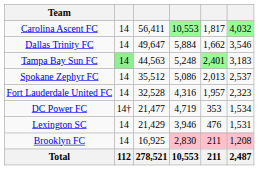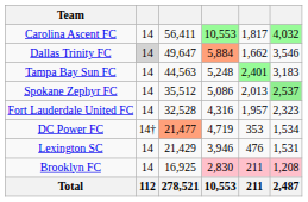 <table class="wikitable sortable" style="font-size: 95%;text-align: center;">
 <tr>
 <th scope="col">Team</th>
 <th scope="col"></th>
 <th scope="col"></th>
 <th scope="col"></th>
 <th scope="col"></th>
 <th scope="col"></th>
 </tr>
 <tr>
 <td><a href='#'>Carolina Ascent FC</a></td>
 <td>14</td>
 <td>56,411</td>
 <td bgcolor="#98fb98">10,553</td>
 <td>1,817</td>
 <td bgcolor="#98fb98">4,032</td>
 </tr>
 <tr>
 <td><a href='#'>Dallas Trinity FC</a></td>
-<td>14</td>
+<td style="background: lightgrey;">14</td>
 <td>49,647</td>
-<td>5,884</td>
+<td style="background: lightsalmon;">5,884</td>
 <td>1,662</td>
 <td>3,546</td>
 </tr>
 <tr>
 <td><a href='#'>Tampa Bay Sun FC</a></td>
-<td style="background: lightgreen;">14</td>
+<td>14</td>
 <td>44,563</td>
 <td>5,248</td>
 <td bgcolor="#98fb98">2,401</td>
 <td>3,183</td>
 </tr>
 <tr>
 <td><a href='#'>Spokane Zephyr FC</a></td>
 <td>14</td>
 <td>35,512</td>
 <td>5,086</td>
 <td>2,013</td>
-<td>2,537</td>
+<td style="background: lightgreen;">2,537</td>
 </tr>
 <tr>
 <td><a href='#'>Fort Lauderdale United FC</a></td>
 <td>14</td>
 <td>32,528</td>
 <td>4,316</td>
 <td>1,957</td>
 <td>2,323</td>
 </tr>
 <tr>
 <td><a href='#'>DC Power FC</a></td>
 <td>14†</td>
-<td>21,477</td>
+<td style="background: lightsalmon;">21,477</td>
 <td>4,719</td>
 <td>353</td>
 <td>1,534</td>
 </tr>
 <tr>
 <td><a href='#'>Lexington SC</a></td>
 <td>14</td>
 <td>21,429</td>
 <td>3,946</td>
 <td>476</td>
 <td>1,531</td>
 </tr>
 <tr>
 <td><a href='#'>Brooklyn FC</a></td>
 <td>14</td>
 <td>16,925</td>
 <td bgcolor="#ffc0cb">2,830</td>
 <td bgcolor="#ffc0cb">211</td>
 <td bgcolor="#ffc0cb">1,208</td>
 </tr>
 <tr>
 <th scope="row">Total</th>
 <th>112</th>
 <th>278,521</th>
 <th>10,553</th>
 <th>211</th>
 <th>2,487</th>
 </tr>
 </table>
